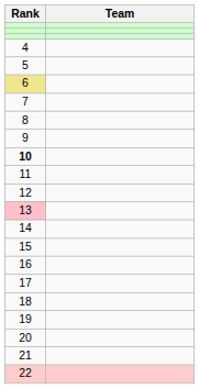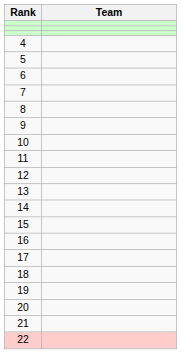 <table class="wikitable" style="text-align: center">
 <tr>
 <th width=50>Rank</th>
 <th width=200>Team</th>
 </tr>
 <tr bgcolor=#ccffcc>
 <td></td>
 <td align=left></td>
 </tr>
 <tr bgcolor=#ccffcc>
 <td></td>
 <td align=left></td>
 </tr>
 <tr bgcolor=#ccffcc>
 <td></td>
 <td align=left></td>
 </tr>
 <tr>
 <td>4</td>
 <td align=left></td>
 </tr>
 <tr>
 <td>5</td>
 <td align=left></td>
 </tr>
 <tr>
-<td style="background: khaki;">6</td>
+<td>6</td>
 <td align=left></td>
 </tr>
 <tr>
 <td>7</td>
 <td align=left></td>
 </tr>
 <tr>
 <td>8</td>
 <td align=left></td>
 </tr>
 <tr>
 <td>9</td>
 <td align=left></td>
 </tr>
 <tr>
-<td><strong>10</strong></td>
+<td>10</td>
 <td align=left></td>
 </tr>
 <tr>
 <td>11</td>
 <td align=left></td>
 </tr>
 <tr>
 <td>12</td>
 <td align=left></td>
 </tr>
 <tr>
-<td style="background: pink;">13</td>
+<td>13</td>
 <td align=left></td>
 </tr>
 <tr>
 <td>14</td>
 <td align=left></td>
 </tr>
 <tr>
 <td>15</td>
 <td align=left></td>
 </tr>
 <tr>
 <td>16</td>
 <td align=left></td>
 </tr>
 <tr>
 <td>17</td>
 <td align=left></td>
 </tr>
 <tr>
 <td>18</td>
 <td align=left></td>
 </tr>
 <tr>
 <td>19</td>
 <td align=left></td>
 </tr>
 <tr>
 <td>20</td>
 <td align=left></td>
 </tr>
 <tr>
 <td>21</td>
 <td align=left></td>
 </tr>
 <tr bgcolor=#ffcccc>
 <td>22</td>
 <td align=left></td>
 </tr>
 </table>
